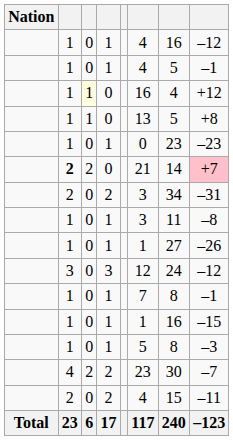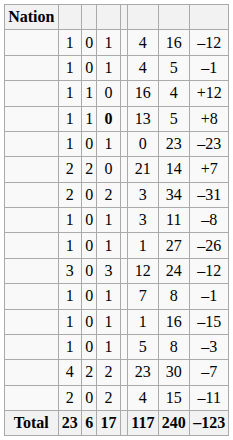 <table class="wikitable sortable" style="text-align:center">
 <tr>
 <th>Nation</th>
 <th></th>
 <th></th>
 <th></th>
 <th></th>
 <th></th>
 <th></th>
 <th></th>
 </tr>
 <tr>
 <td align=left></td>
 <td>1</td>
 <td>0</td>
 <td>1</td>
 <td><strong></strong></td>
 <td>4</td>
 <td>16</td>
 <td>–12</td>
 </tr>
 <tr>
 <td align=left></td>
 <td>1</td>
 <td>0</td>
 <td>1</td>
 <td><strong></strong></td>
 <td>4</td>
 <td>5</td>
 <td>–1</td>
 </tr>
 <tr>
 <td align=left></td>
 <td>1</td>
-<td style="background: lightyellow;">1</td>
+<td>1</td>
 <td>0</td>
 <td><strong></strong></td>
 <td>16</td>
 <td>4</td>
 <td>+12</td>
 </tr>
 <tr>
 <td align=left></td>
 <td>1</td>
 <td>1</td>
-<td>0</td>
+<td><strong>0</strong></td>
 <td><strong></strong></td>
 <td>13</td>
 <td>5</td>
 <td>+8</td>
 </tr>
 <tr>
 <td align=left></td>
 <td>1</td>
 <td>0</td>
 <td>1</td>
 <td><strong></strong></td>
 <td>0</td>
 <td>23</td>
 <td>–23</td>
 </tr>
 <tr>
 <td align=left></td>
-<td><strong>2</strong></td>
+<td>2</td>
 <td>2</td>
 <td>0</td>
 <td><strong></strong></td>
 <td>21</td>
 <td>14</td>
-<td style="background: pink;">+7</td>
+<td>+7</td>
 </tr>
 <tr>
 <td align=left></td>
 <td>2</td>
 <td>0</td>
 <td>2</td>
 <td><strong></strong></td>
 <td>3</td>
 <td>34</td>
 <td>–31</td>
 </tr>
 <tr>
 <td align=left></td>
 <td>1</td>
 <td>0</td>
 <td>1</td>
 <td><strong></strong></td>
 <td>3</td>
 <td>11</td>
 <td>–8</td>
 </tr>
 <tr>
 <td align=left></td>
 <td>1</td>
 <td>0</td>
 <td>1</td>
 <td><strong></strong></td>
 <td>1</td>
 <td>27</td>
 <td>–26</td>
 </tr>
 <tr>
 <td align=left></td>
 <td>3</td>
 <td>0</td>
 <td>3</td>
 <td><strong></strong></td>
 <td>12</td>
 <td>24</td>
 <td>–12</td>
 </tr>
 <tr>
 <td align=left></td>
 <td>1</td>
 <td>0</td>
 <td>1</td>
 <td><strong></strong></td>
 <td>7</td>
 <td>8</td>
 <td>–1</td>
 </tr>
 <tr>
 <td align=left></td>
 <td>1</td>
 <td>0</td>
 <td>1</td>
 <td><strong></strong></td>
 <td>1</td>
 <td>16</td>
 <td>–15</td>
 </tr>
 <tr>
 <td align=left></td>
 <td>1</td>
 <td>0</td>
 <td>1</td>
 <td><strong></strong></td>
 <td>5</td>
 <td>8</td>
 <td>–3</td>
 </tr>
 <tr>
 <td align=left></td>
 <td>4</td>
 <td>2</td>
 <td>2</td>
 <td><strong></strong></td>
 <td>23</td>
 <td>30</td>
 <td>–7</td>
 </tr>
 <tr>
 <td align=left></td>
 <td>2</td>
 <td>0</td>
 <td>2</td>
 <td><strong></strong></td>
 <td>4</td>
 <td>15</td>
 <td>–11</td>
 </tr>
 <tr>
 <th align=left>Total</th>
 <th>23</th>
 <th>6</th>
 <th>17</th>
 <th></th>
 <th>117</th>
 <th>240</th>
 <th>–123</th>
 </tr>
 </table>
